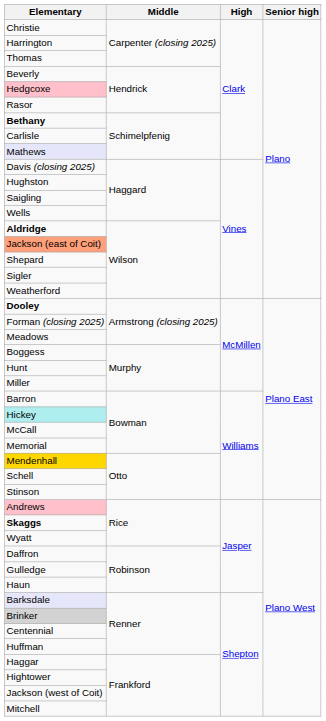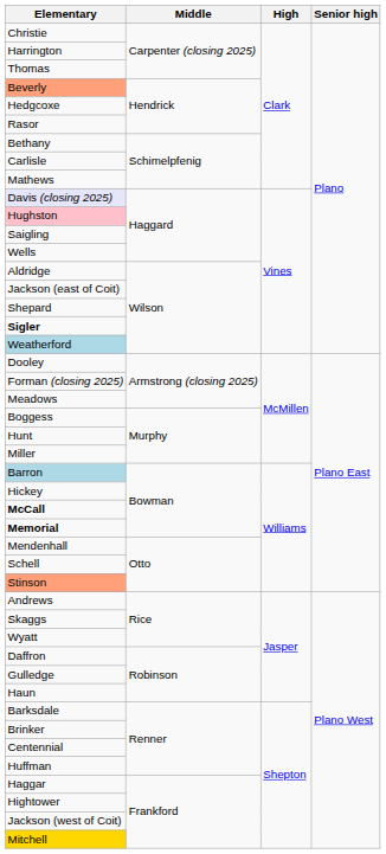 <table class="wikitable sortable">
 <tr>
 <th>Elementary</th>
 <th>Middle</th>
 <th>High</th>
 <th>Senior high</th>
 </tr>
 <tr>
 <td>Christie</td>
 <td rowspan="3">Carpenter <em>(closing 2025)</em></td>
 <td rowspan="9"><a href='#'>Clark</a></td>
 <td rowspan="18"><a href='#'>Plano</a></td>
 </tr>
 <tr>
 <td>Harrington</td>
 </tr>
 <tr>
 <td>Thomas</td>
 </tr>
 <tr>
-<td>Beverly</td>
+<td style="background: lightsalmon;">Beverly</td>
 <td rowspan="3">Hendrick</td>
 </tr>
 <tr>
-<td style="background: pink;">Hedgcoxe</td>
+<td>Hedgcoxe</td>
 </tr>
 <tr>
 <td>Rasor</td>
 </tr>
 <tr>
-<td><strong>Bethany</strong></td>
+<td>Bethany</td>
 <td rowspan="3">Schimelpfenig</td>
 </tr>
 <tr>
 <td>Carlisle</td>
 </tr>
 <tr>
-<td style="background: lavender;">Mathews</td>
+<td>Mathews</td>
 </tr>
 <tr>
-<td>Davis <em>(closing 2025)</em></td>
+<td style="background: lavender;">Davis <em>(closing 2025)</em></td>
 <td rowspan="4">Haggard</td>
 <td rowspan="9"><a href='#'>Vines</a></td>
 </tr>
 <tr>
-<td>Hughston</td>
+<td style="background: pink;">Hughston</td>
 </tr>
 <tr>
 <td>Saigling</td>
 </tr>
 <tr>
 <td>Wells</td>
 </tr>
 <tr>
-<td><strong>Aldridge</strong></td>
+<td>Aldridge</td>
 <td rowspan="5">Wilson</td>
 </tr>
 <tr>
-<td style="background: lightsalmon;">Jackson (east of Coit)</td>
+<td>Jackson (east of Coit)</td>
 </tr>
 <tr>
 <td>Shepard</td>
 </tr>
 <tr>
-<td>Sigler</td>
+<td><strong>Sigler</strong></td>
 </tr>
 <tr>
-<td>Weatherford</td>
+<td style="background: lightblue;">Weatherford</td>
 </tr>
 <tr>
-<td><strong>Dooley</strong></td>
+<td>Dooley</td>
 <td rowspan="3">Armstrong <em>(closing 2025)</em></td>
 <td rowspan="6"><a href='#'>McMillen</a></td>
 <td rowspan="13"><a href='#'>Plano East</a></td>
 </tr>
 <tr>
 <td>Forman <em>(closing 2025)</em></td>
 </tr>
 <tr>
 <td>Meadows</td>
 </tr>
 <tr>
 <td>Boggess</td>
 <td rowspan="3">Murphy</td>
 </tr>
 <tr>
 <td>Hunt</td>
 </tr>
 <tr>
 <td>Miller</td>
 </tr>
 <tr>
-<td>Barron</td>
+<td style="background: lightblue;">Barron</td>
 <td rowspan="4">Bowman</td>
 <td rowspan="7"><a href='#'>Williams</a></td>
 </tr>
 <tr>
-<td style="background: paleturquoise;">Hickey</td>
+<td>Hickey</td>
 </tr>
 <tr>
-<td>McCall</td>
+<td><strong>McCall</strong></td>
 </tr>
 <tr>
-<td>Memorial</td>
+<td><strong>Memorial</strong></td>
 </tr>
 <tr>
-<td style="background: gold;">Mendenhall</td>
+<td>Mendenhall</td>
 <td rowspan="3">Otto</td>
 </tr>
 <tr>
 <td>Schell</td>
 </tr>
 <tr>
-<td>Stinson</td>
+<td style="background: lightsalmon;">Stinson</td>
 </tr>
 <tr>
-<td style="background: pink;">Andrews</td>
+<td>Andrews</td>
 <td rowspan="3">Rice</td>
 <td rowspan="6"><a href='#'>Jasper</a></td>
 <td rowspan="14"><a href='#'>Plano West</a></td>
 </tr>
 <tr>
-<td><strong>Skaggs</strong></td>
+<td>Skaggs</td>
 </tr>
 <tr>
 <td>Wyatt</td>
 </tr>
 <tr>
 <td>Daffron</td>
 <td rowspan="3">Robinson</td>
 </tr>
 <tr>
 <td>Gulledge</td>
 </tr>
 <tr>
 <td>Haun</td>
 </tr>
 <tr>
-<td style="background: lavender;">Barksdale</td>
+<td>Barksdale</td>
 <td rowspan="4">Renner</td>
 <td rowspan="8"><a href='#'>Shepton</a></td>
 </tr>
 <tr>
-<td style="background: lightgrey;">Brinker</td>
+<td>Brinker</td>
 </tr>
 <tr>
 <td>Centennial</td>
 </tr>
 <tr>
 <td>Huffman</td>
 </tr>
 <tr>
 <td>Haggar</td>
 <td rowspan="4">Frankford</td>
 </tr>
 <tr>
 <td>Hightower</td>
 </tr>
 <tr>
 <td>Jackson (west of Coit)</td>
 </tr>
 <tr>
-<td>Mitchell</td>
+<td style="background: gold;">Mitchell</td>
 </tr>
 </table>
